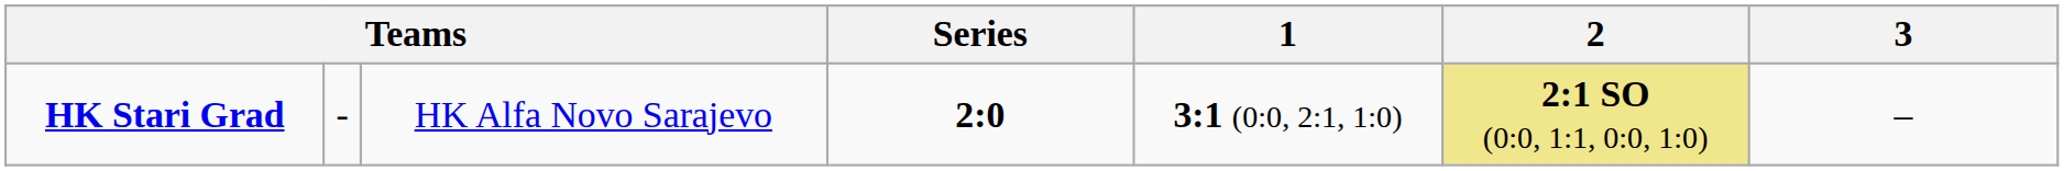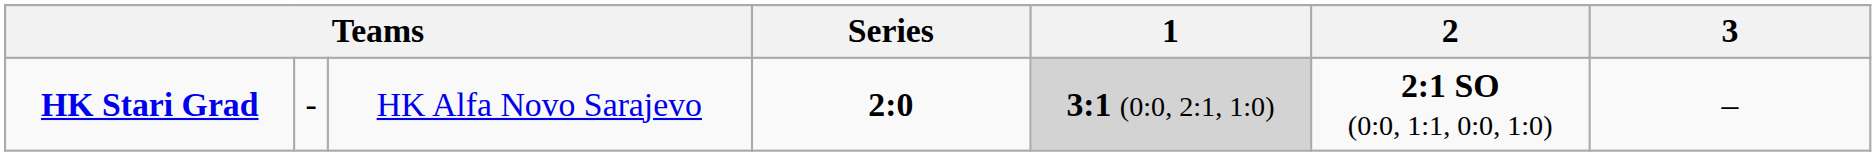 <table class="wikitable" style="width:70%; text-align:center">
 <tr style="background-color:#c0c0c0">
 <th style="width:40%" colspan=3>Teams</th>
 <th style="width:15%">Series</th>
 <th style="width:15%">1</th>
 <th style="width:15%">2</th>
 <th style="width:15%">3</th>
 </tr>
 <tr>
 <td><strong><a href='#'>HK Stari Grad</a></strong></td>
 <td>-</td>
 <td><a href='#'>HK Alfa Novo Sarajevo</a></td>
 <td><strong>2:0</strong></td>
-<td><strong>3:1</strong> <small>(0:0, 2:1, 1:0)</small></td>
-<td style="background: khaki;"><strong>2:1 SO</strong> <br> <small>(0:0, 1:1, 0:0, 1:0)</small></td>
+<td style="background: lightgrey;"><strong>3:1</strong> <small>(0:0, 2:1, 1:0)</small></td>
+<td><strong>2:1 SO</strong> <br> <small>(0:0, 1:1, 0:0, 1:0)</small></td>
 <td>–</td>
 </tr>
 </table>
